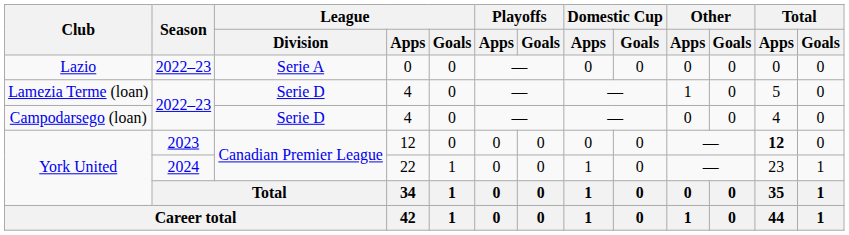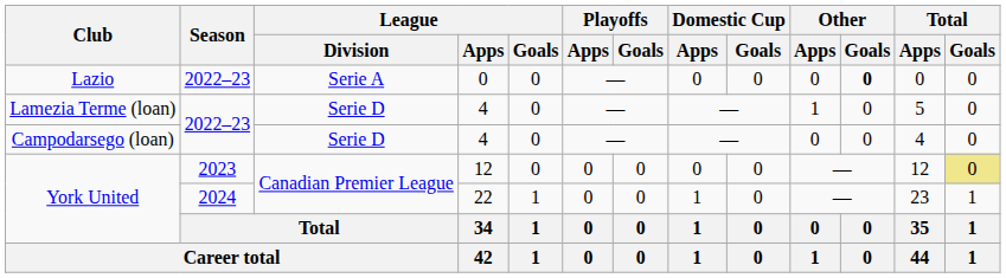 <table class="wikitable" style="text-align: center">
 <tr>
 <th rowspan="2">Club</th>
 <th rowspan="2">Season</th>
 <th colspan="3">League</th>
 <th colspan="2">Playoffs</th>
 <th colspan="2">Domestic Cup</th>
 <th colspan="2">Other</th>
 <th colspan="2">Total</th>
 </tr>
 <tr>
 <th>Division</th>
 <th>Apps</th>
 <th>Goals</th>
 <th>Apps</th>
 <th>Goals</th>
 <th>Apps</th>
 <th>Goals</th>
 <th>Apps</th>
 <th>Goals</th>
 <th>Apps</th>
 <th>Goals</th>
 </tr>
 <tr>
 <td><a href='#'>Lazio</a></td>
 <td><a href='#'>2022–23</a></td>
 <td><a href='#'>Serie A</a></td>
 <td>0</td>
 <td>0</td>
 <td colspan=2>—</td>
 <td>0</td>
 <td>0</td>
 <td>0</td>
-<td>0</td>
+<td><strong>0</strong></td>
 <td>0</td>
 <td>0</td>
 </tr>
 <tr>
 <td><a href='#'>Lamezia Terme</a> (loan)</td>
 <td rowspan=2><a href='#'>2022–23</a></td>
 <td><a href='#'>Serie D</a></td>
 <td>4</td>
 <td>0</td>
 <td colspan=2>—</td>
 <td colspan=2>—</td>
 <td>1</td>
 <td>0</td>
 <td>5</td>
 <td>0</td>
 </tr>
 <tr>
 <td><a href='#'>Campodarsego</a> (loan)</td>
 <td><a href='#'>Serie D</a></td>
 <td>4</td>
 <td>0</td>
 <td colspan=2>—</td>
 <td colspan=2>—</td>
 <td>0</td>
 <td>0</td>
 <td>4</td>
 <td>0</td>
 </tr>
 <tr>
 <td rowspan=3><a href='#'>York United</a></td>
 <td><a href='#'>2023</a></td>
 <td rowspan=2><a href='#'>Canadian Premier League</a></td>
 <td>12</td>
 <td>0</td>
 <td>0</td>
 <td>0</td>
 <td>0</td>
 <td>0</td>
 <td colspan=2>—</td>
-<td><strong>12</strong></td>
-<td>0</td>
+<td>12</td>
+<td style="background: khaki;">0</td>
 </tr>
 <tr>
 <td><a href='#'>2024</a></td>
 <td>22</td>
 <td>1</td>
 <td>0</td>
 <td>0</td>
 <td>1</td>
 <td>0</td>
 <td colspan=2>—</td>
 <td>23</td>
 <td>1</td>
 </tr>
 <tr>
 <th colspan="2">Total</th>
 <th>34</th>
 <th>1</th>
 <th>0</th>
 <th>0</th>
 <th>1</th>
 <th>0</th>
 <th>0</th>
 <th>0</th>
 <th>35</th>
 <th>1</th>
 </tr>
 <tr>
 <th colspan="3">Career total</th>
 <th>42</th>
 <th>1</th>
 <th>0</th>
 <th>0</th>
 <th>1</th>
 <th>0</th>
 <th>1</th>
 <th>0</th>
 <th>44</th>
 <th>1</th>
 </tr>
 </table>
